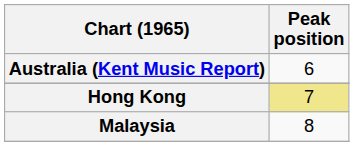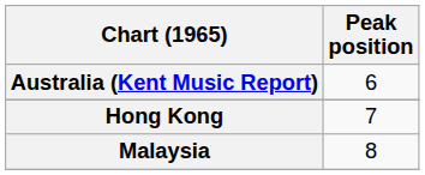 <table class="wikitable sortable plainrowheaders" style="text-align:center">
 <tr>
 <th>Chart (1965)</th>
 <th>Peak<br>position</th>
 </tr>
 <tr>
 <th scope="row">Australia (<a href='#'>Kent Music Report</a>)</th>
 <td>6</td>
 </tr>
 <tr>
 </tr>
 <tr>
 </tr>
 <tr>
 <th scope=row>Hong Kong</th>
-<td style="background: khaki;">7</td>
+<td>7</td>
 </tr>
 <tr>
 <th scope=row>Malaysia</th>
 <td>8</td>
 </tr>
 <tr>
 </tr>
 </table>
